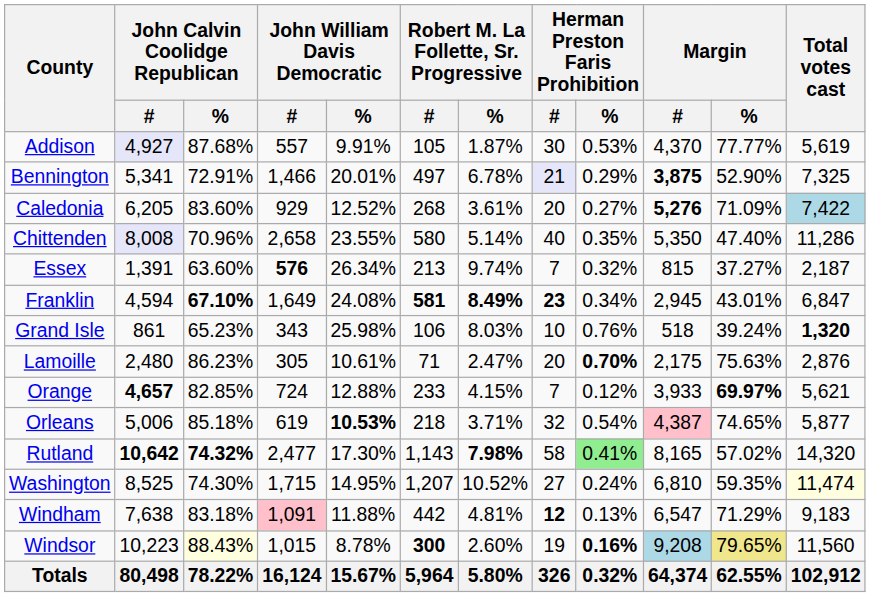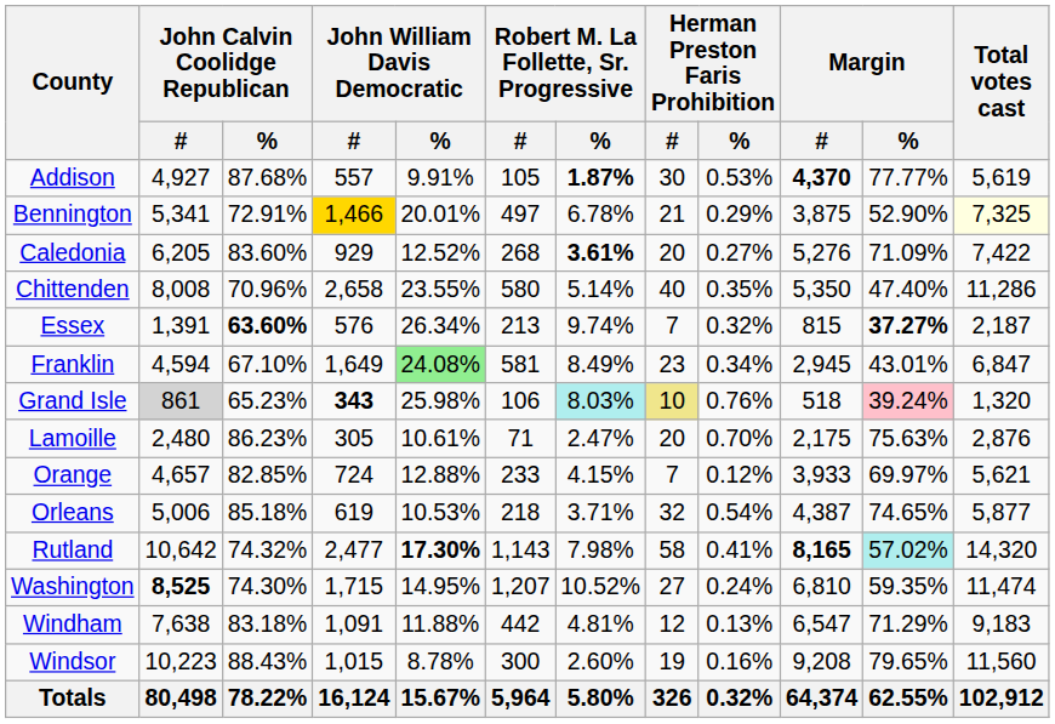 <table class="wikitable sortable" style="text-align:center">
 <tr>
 <th colspan="1" rowspan="2">County</th>
 <th style="text-align:center;" colspan="2">John Calvin Coolidge<br>Republican</th>
 <th style="text-align:center;" colspan="2">John William Davis<br> Democratic</th>
 <th style="text-align:center;" colspan="2">Robert M. La Follette, Sr.<br>Progressive</th>
 <th style="text-align:center;" colspan="2">Herman Preston Faris<br>Prohibition</th>
 <th style="text-align:center;" colspan="2">Margin</th>
 <th colspan="1" rowspan="2" style="text-align:center;">Total votes cast</th>
 </tr>
 <tr>
 <th style="text-align:center;" data-sort-type="number">#</th>
 <th style="text-align:center;" data-sort-type="number">%</th>
 <th style="text-align:center;" data-sort-type="number">#</th>
 <th style="text-align:center;" data-sort-type="number">%</th>
 <th style="text-align:center;" data-sort-type="number">#</th>
 <th style="text-align:center;" data-sort-type="number">%</th>
 <th style="text-align:center;" data-sort-type="number">#</th>
 <th style="text-align:center;" data-sort-type="number">%</th>
 <th style="text-align:center;" data-sort-type="number">#</th>
 <th style="text-align:center;" data-sort-type="number">%</th>
 </tr>
 <tr style="text-align:center;">
 <td><a href='#'>Addison</a></td>
-<td style="background: lavender;">4,927</td>
+<td>4,927</td>
 <td>87.68%</td>
 <td>557</td>
 <td>9.91%</td>
 <td>105</td>
-<td>1.87%</td>
+<td><strong>1.87%</strong></td>
 <td>30</td>
 <td>0.53%</td>
-<td>4,370</td>
+<td><strong>4,370</strong></td>
 <td>77.77%</td>
 <td>5,619</td>
 </tr>
 <tr style="text-align:center;">
 <td><a href='#'>Bennington</a></td>
 <td>5,341</td>
 <td>72.91%</td>
-<td>1,466</td>
+<td style="background: gold;">1,466</td>
 <td>20.01%</td>
 <td>497</td>
 <td>6.78%</td>
-<td style="background: lavender;">21</td>
+<td>21</td>
 <td>0.29%</td>
-<td><strong>3,875</strong></td>
+<td>3,875</td>
 <td>52.90%</td>
-<td>7,325</td>
+<td style="background: lightyellow;">7,325</td>
 </tr>
 <tr style="text-align:center;">
 <td><a href='#'>Caledonia</a></td>
 <td>6,205</td>
 <td>83.60%</td>
 <td>929</td>
 <td>12.52%</td>
 <td>268</td>
-<td>3.61%</td>
+<td><strong>3.61%</strong></td>
 <td>20</td>
 <td>0.27%</td>
-<td><strong>5,276</strong></td>
+<td>5,276</td>
 <td>71.09%</td>
-<td style="background: lightblue;">7,422</td>
+<td>7,422</td>
 </tr>
 <tr style="text-align:center;">
 <td><a href='#'>Chittenden</a></td>
-<td style="background: lavender;">8,008</td>
+<td>8,008</td>
 <td>70.96%</td>
 <td>2,658</td>
 <td>23.55%</td>
 <td>580</td>
 <td>5.14%</td>
 <td>40</td>
 <td>0.35%</td>
 <td>5,350</td>
 <td>47.40%</td>
 <td>11,286</td>
 </tr>
 <tr style="text-align:center;">
 <td><a href='#'>Essex</a></td>
 <td>1,391</td>
-<td>63.60%</td>
-<td><strong>576</strong></td>
+<td><strong>63.60%</strong></td>
+<td>576</td>
 <td>26.34%</td>
 <td>213</td>
 <td>9.74%</td>
 <td>7</td>
 <td>0.32%</td>
 <td>815</td>
-<td>37.27%</td>
+<td><strong>37.27%</strong></td>
 <td>2,187</td>
 </tr>
 <tr style="text-align:center;">
 <td><a href='#'>Franklin</a></td>
 <td>4,594</td>
-<td><strong>67.10%</strong></td>
+<td>67.10%</td>
 <td>1,649</td>
-<td>24.08%</td>
-<td><strong>581</strong></td>
-<td><strong>8.49%</strong></td>
-<td><strong>23</strong></td>
+<td style="background: lightgreen;">24.08%</td>
+<td>581</td>
+<td>8.49%</td>
+<td>23</td>
 <td>0.34%</td>
 <td>2,945</td>
 <td>43.01%</td>
 <td>6,847</td>
 </tr>
 <tr style="text-align:center;">
 <td><a href='#'>Grand Isle</a></td>
-<td>861</td>
+<td style="background: lightgrey;">861</td>
 <td>65.23%</td>
-<td>343</td>
+<td><strong>343</strong></td>
 <td>25.98%</td>
 <td>106</td>
-<td>8.03%</td>
-<td>10</td>
+<td style="background: paleturquoise;">8.03%</td>
+<td style="background: khaki;">10</td>
 <td>0.76%</td>
 <td>518</td>
-<td>39.24%</td>
-<td><strong>1,320</strong></td>
+<td style="background: pink;">39.24%</td>
+<td>1,320</td>
 </tr>
 <tr style="text-align:center;">
 <td><a href='#'>Lamoille</a></td>
 <td>2,480</td>
 <td>86.23%</td>
 <td>305</td>
 <td>10.61%</td>
 <td>71</td>
 <td>2.47%</td>
 <td>20</td>
-<td><strong>0.70%</strong></td>
+<td>0.70%</td>
 <td>2,175</td>
 <td>75.63%</td>
 <td>2,876</td>
 </tr>
 <tr style="text-align:center;">
 <td><a href='#'>Orange</a></td>
-<td><strong>4,657</strong></td>
+<td>4,657</td>
 <td>82.85%</td>
 <td>724</td>
 <td>12.88%</td>
 <td>233</td>
 <td>4.15%</td>
 <td>7</td>
 <td>0.12%</td>
 <td>3,933</td>
-<td><strong>69.97%</strong></td>
+<td>69.97%</td>
 <td>5,621</td>
 </tr>
 <tr style="text-align:center;">
 <td><a href='#'>Orleans</a></td>
 <td>5,006</td>
 <td>85.18%</td>
 <td>619</td>
-<td><strong>10.53%</strong></td>
+<td>10.53%</td>
 <td>218</td>
 <td>3.71%</td>
 <td>32</td>
 <td>0.54%</td>
-<td style="background: pink;">4,387</td>
+<td>4,387</td>
 <td>74.65%</td>
 <td>5,877</td>
 </tr>
 <tr style="text-align:center;">
 <td><a href='#'>Rutland</a></td>
-<td><strong>10,642</strong></td>
-<td><strong>74.32%</strong></td>
+<td>10,642</td>
+<td>74.32%</td>
 <td>2,477</td>
-<td>17.30%</td>
+<td><strong>17.30%</strong></td>
 <td>1,143</td>
-<td><strong>7.98%</strong></td>
+<td>7.98%</td>
 <td>58</td>
-<td style="background: lightgreen;">0.41%</td>
-<td>8,165</td>
-<td>57.02%</td>
+<td>0.41%</td>
+<td><strong>8,165</strong></td>
+<td style="background: paleturquoise;">57.02%</td>
 <td>14,320</td>
 </tr>
 <tr style="text-align:center;">
 <td><a href='#'>Washington</a></td>
-<td>8,525</td>
+<td><strong>8,525</strong></td>
 <td>74.30%</td>
 <td>1,715</td>
 <td>14.95%</td>
 <td>1,207</td>
 <td>10.52%</td>
 <td>27</td>
 <td>0.24%</td>
 <td>6,810</td>
 <td>59.35%</td>
-<td style="background: lightyellow;">11,474</td>
+<td>11,474</td>
 </tr>
 <tr style="text-align:center;">
 <td><a href='#'>Windham</a></td>
 <td>7,638</td>
 <td>83.18%</td>
-<td style="background: pink;">1,091</td>
+<td>1,091</td>
 <td>11.88%</td>
 <td>442</td>
 <td>4.81%</td>
-<td><strong>12</strong></td>
+<td>12</td>
 <td>0.13%</td>
 <td>6,547</td>
 <td>71.29%</td>
 <td>9,183</td>
 </tr>
 <tr style="text-align:center;">
 <td><a href='#'>Windsor</a></td>
 <td>10,223</td>
-<td style="background: lightyellow;">88.43%</td>
+<td>88.43%</td>
 <td>1,015</td>
 <td>8.78%</td>
-<td><strong>300</strong></td>
+<td>300</td>
 <td>2.60%</td>
 <td>19</td>
-<td><strong>0.16%</strong></td>
-<td style="background: lightblue;">9,208</td>
-<td style="background: khaki;">79.65%</td>
+<td>0.16%</td>
+<td>9,208</td>
+<td>79.65%</td>
 <td>11,560</td>
 </tr>
 <tr style="text-align:center;">
 <th>Totals</th>
 <th>80,498</th>
 <th>78.22%</th>
 <th>16,124</th>
 <th>15.67%</th>
 <th>5,964</th>
 <th>5.80%</th>
 <th>326</th>
 <th>0.32%</th>
 <th>64,374</th>
 <th>62.55%</th>
 <th>102,912</th>
 </tr>
 </table>
